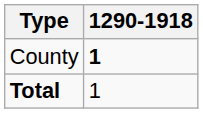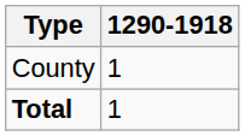 <table class="wikitable">
 <tr>
 <th>Type</th>
 <th>1290-1918</th>
 </tr>
 <tr>
 <td>County</td>
-<td><strong>1</strong></td>
+<td>1</td>
 </tr>
 <tr>
 <td><strong>Total</strong></td>
 <td>1</td>
 </tr>
 </table>
